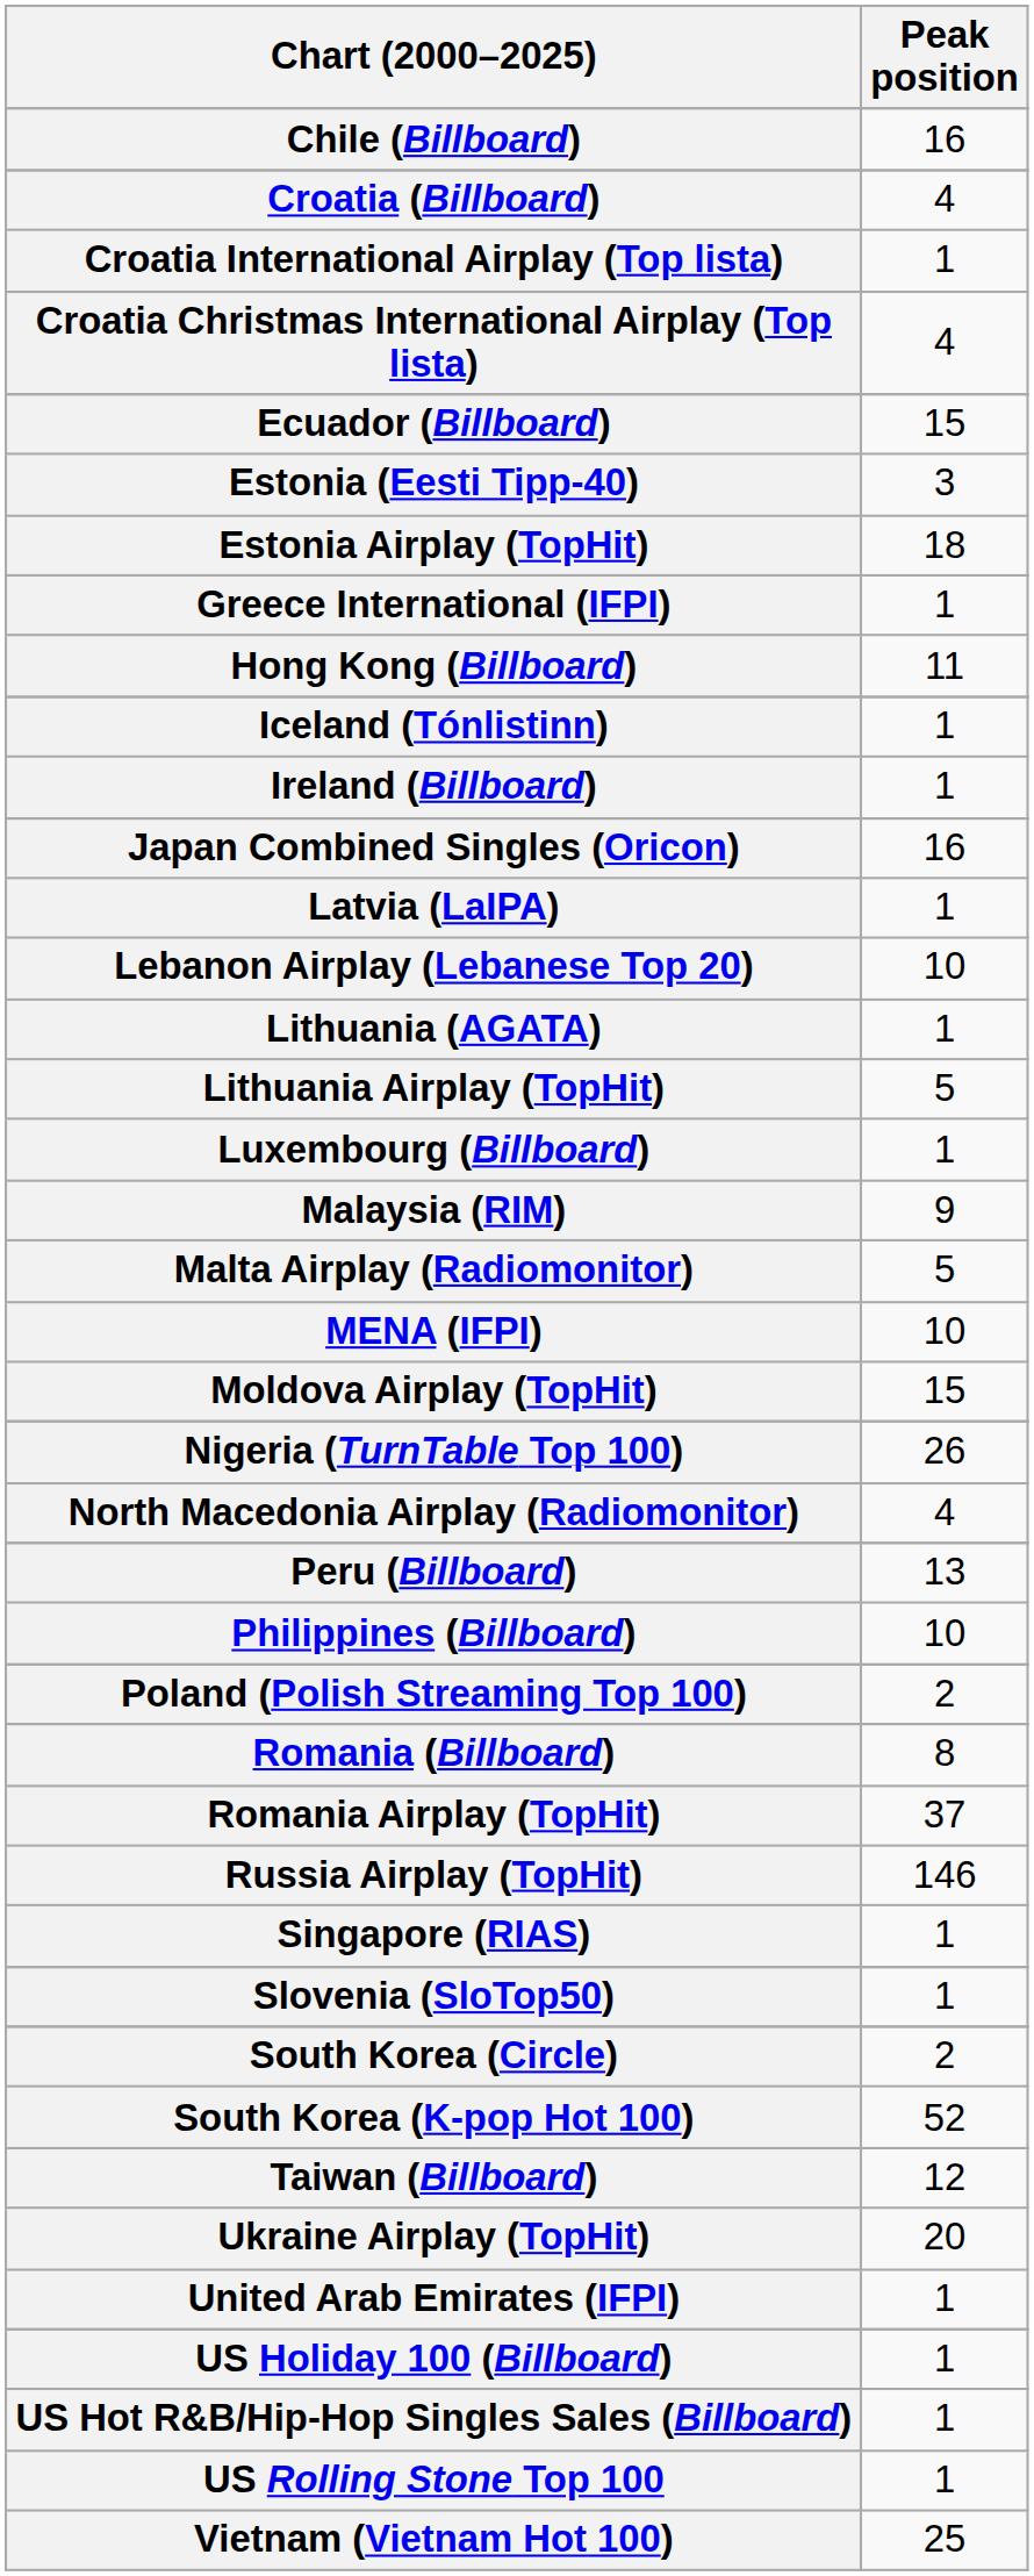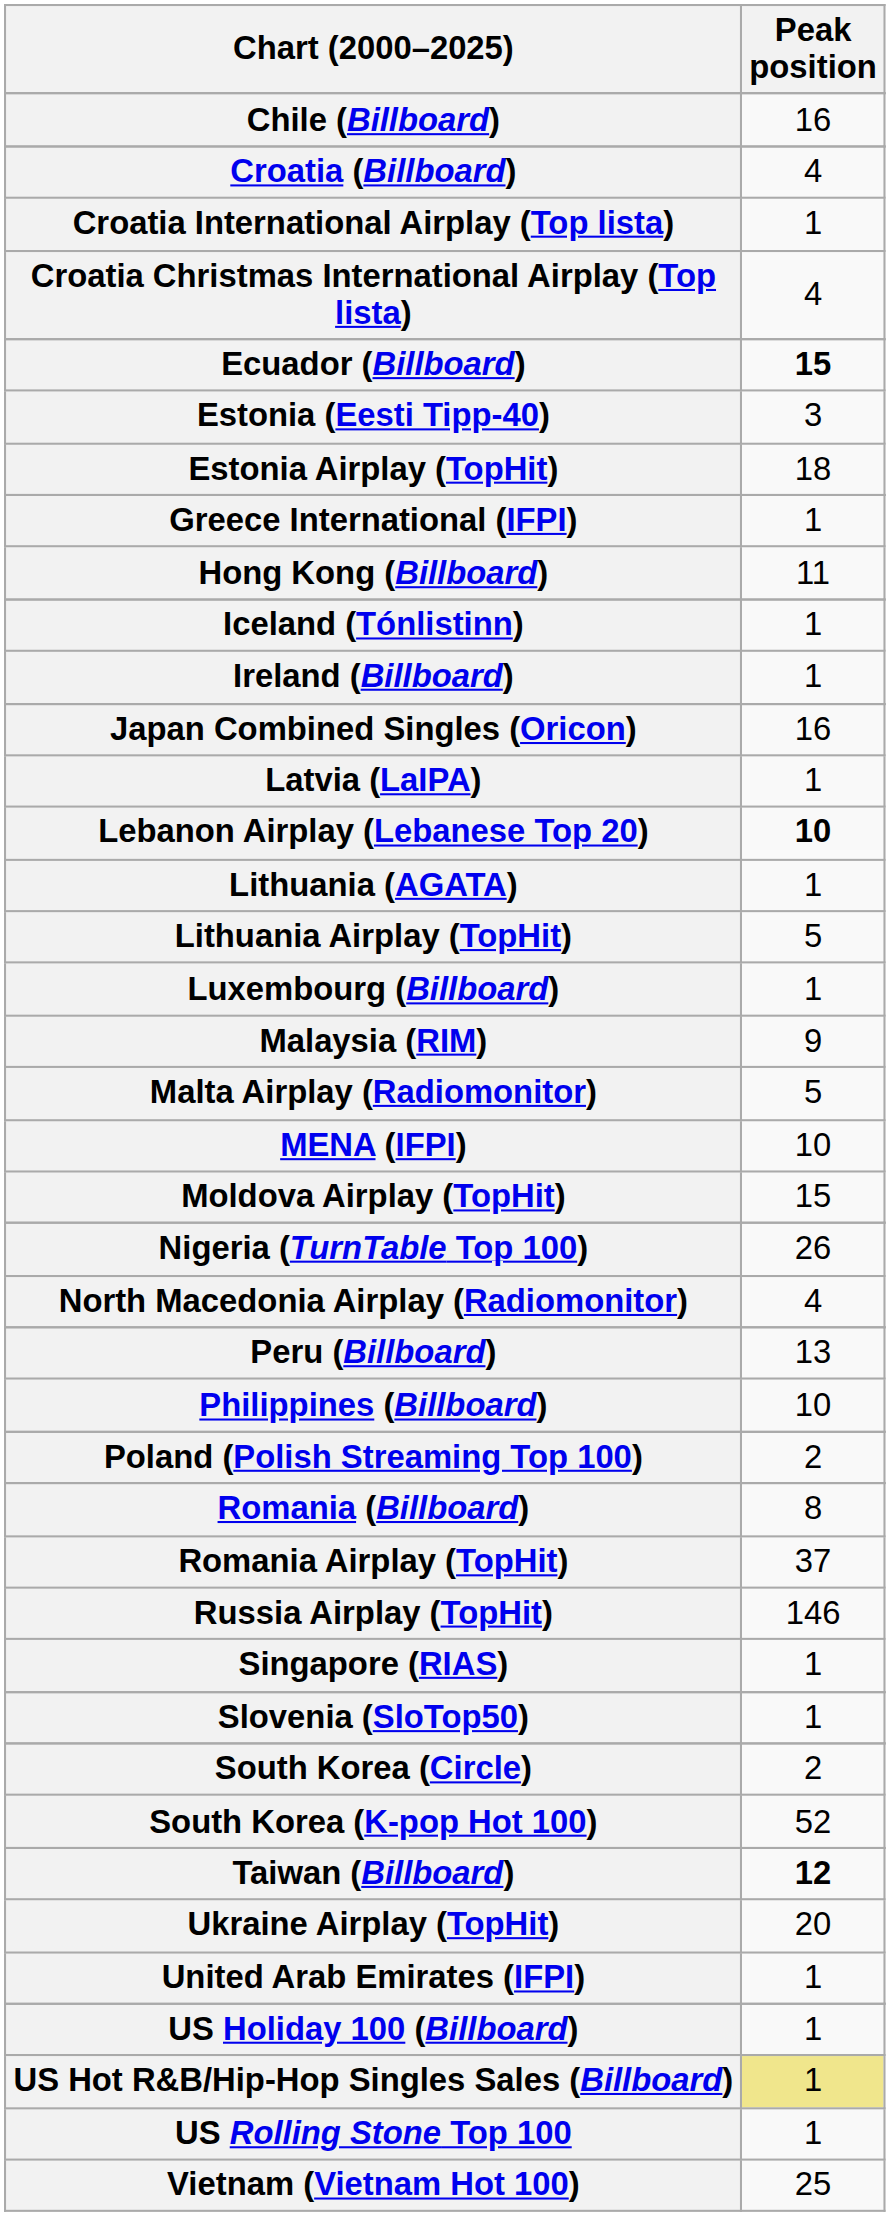 <table class="wikitable sortable plainrowheaders" style="text-align:center">
 <tr>
 <th scope="col" style="width:22em;">Chart (2000–2025)</th>
 <th scope="col">Peak<br>position</th>
 </tr>
 <tr>
 </tr>
 <tr>
 </tr>
 <tr>
 </tr>
 <tr>
 </tr>
 <tr>
 </tr>
 <tr>
 </tr>
 <tr>
 </tr>
 <tr>
 <th scope="row">Chile (<em><a href='#'>Billboard</a></em>)</th>
 <td>16</td>
 </tr>
 <tr>
 </tr>
 <tr>
 <th scope="row"><a href='#'>Croatia</a> (<em><a href='#'>Billboard</a></em>)</th>
 <td>4</td>
 </tr>
 <tr>
 <th scope="row">Croatia International Airplay (<a href='#'>Top lista</a>)</th>
 <td>1</td>
 </tr>
 <tr>
 <th scope="row">Croatia Christmas International Airplay (<a href='#'>Top lista</a>)</th>
 <td>4</td>
 </tr>
 <tr>
 </tr>
 <tr>
 </tr>
 <tr>
 </tr>
 <tr>
 <th scope="row">Ecuador (<em><a href='#'>Billboard</a></em>)</th>
-<td>15</td>
+<td><strong>15</strong></td>
 </tr>
 <tr>
 <th scope="row">Estonia (<a href='#'>Eesti Tipp-40</a>)</th>
 <td>3</td>
 </tr>
 <tr>
 <th scope="row">Estonia Airplay (<a href='#'>TopHit</a>)</th>
 <td>18</td>
 </tr>
 <tr>
 </tr>
 <tr>
 </tr>
 <tr>
 </tr>
 <tr>
 </tr>
 <tr>
 <th scope="row">Greece International (<a href='#'>IFPI</a>)</th>
 <td>1</td>
 </tr>
 <tr>
 <th scope="row">Hong Kong (<em><a href='#'>Billboard</a></em>)</th>
 <td>11</td>
 </tr>
 <tr>
 </tr>
 <tr>
 </tr>
 <tr>
 </tr>
 <tr>
 <th scope="row">Iceland (<a href='#'>Tónlistinn</a>)</th>
 <td>1</td>
 </tr>
 <tr>
 <th scope="row">Ireland (<a href='#'><em>Billboard</em></a>)</th>
 <td>1</td>
 </tr>
 <tr>
 </tr>
 <tr>
 </tr>
 <tr>
 </tr>
 <tr>
 <th scope="row">Japan Combined Singles (<a href='#'>Oricon</a>)</th>
 <td>16</td>
 </tr>
 <tr>
 <th scope="row">Latvia (<a href='#'>LaIPA</a>)</th>
 <td>1</td>
 </tr>
 <tr>
 <th scope="row">Lebanon Airplay (<a href='#'>Lebanese Top 20</a>)</th>
-<td>10</td>
+<td><strong>10</strong></td>
 </tr>
 <tr>
 <th scope="row">Lithuania (<a href='#'>AGATA</a>)</th>
 <td>1</td>
 </tr>
 <tr>
 <th scope="row">Lithuania Airplay (<a href='#'>TopHit</a>)</th>
 <td>5</td>
 </tr>
 <tr>
 <th scope="row">Luxembourg (<em><a href='#'>Billboard</a></em>)</th>
 <td>1</td>
 </tr>
 <tr>
 <th scope="row">Malaysia (<a href='#'>RIM</a>)</th>
 <td>9</td>
 </tr>
 <tr>
 <th scope="row">Malta Airplay (<a href='#'>Radiomonitor</a>)</th>
 <td>5</td>
 </tr>
 <tr>
 <th scope="row"><a href='#'>MENA</a> (<a href='#'>IFPI</a>)</th>
 <td>10</td>
 </tr>
 <tr>
 <th scope="row">Moldova Airplay (<a href='#'>TopHit</a>)</th>
 <td>15</td>
 </tr>
 <tr>
 </tr>
 <tr>
 </tr>
 <tr>
 <th scope="row">Nigeria (<a href='#'><em>TurnTable</em> Top 100</a>)</th>
 <td>26</td>
 </tr>
 <tr>
 <th scope="row">North Macedonia Airplay (<a href='#'>Radiomonitor</a>)</th>
 <td>4</td>
 </tr>
 <tr>
 </tr>
 <tr>
 <th scope="row">Peru (<em><a href='#'>Billboard</a></em>)</th>
 <td>13</td>
 </tr>
 <tr>
 <th scope="row"><a href='#'>Philippines</a> (<em><a href='#'>Billboard</a></em>)</th>
 <td>10</td>
 </tr>
 <tr>
 </tr>
 <tr>
 </tr>
 <tr>
 <th scope="row">Poland (<a href='#'>Polish Streaming Top 100</a>)</th>
 <td>2</td>
 </tr>
 <tr>
 </tr>
 <tr>
 <th scope="row"><a href='#'>Romania</a> (<em><a href='#'>Billboard</a></em>)</th>
 <td>8</td>
 </tr>
 <tr>
 <th scope="row">Romania Airplay (<a href='#'>TopHit</a>)</th>
 <td>37</td>
 </tr>
 <tr>
 <th scope="row">Russia Airplay (<a href='#'>TopHit</a>)</th>
 <td>146</td>
 </tr>
 <tr>
 <th scope="row">Singapore (<a href='#'>RIAS</a>)</th>
 <td>1</td>
 </tr>
 <tr>
 </tr>
 <tr>
 </tr>
 <tr>
 <th scope="row">Slovenia (<a href='#'>SloTop50</a>)</th>
 <td>1</td>
 </tr>
 <tr>
 </tr>
 <tr>
 <th scope="row">South Korea (<a href='#'>Circle</a>)</th>
 <td>2</td>
 </tr>
 <tr>
 <th scope="row">South Korea (<a href='#'>K-pop Hot 100</a>)</th>
 <td>52</td>
 </tr>
 <tr>
 </tr>
 <tr>
 </tr>
 <tr>
 </tr>
 <tr>
 <th scope="row">Taiwan (<em><a href='#'>Billboard</a></em>)</th>
-<td>12</td>
+<td><strong>12</strong></td>
 </tr>
 <tr>
 <th scope="row">Ukraine Airplay (<a href='#'>TopHit</a>)</th>
 <td>20</td>
 </tr>
 <tr>
 <th scope="row">United Arab Emirates (<a href='#'>IFPI</a>)</th>
 <td>1</td>
 </tr>
 <tr>
 </tr>
 <tr>
 </tr>
 <tr>
 </tr>
 <tr>
 <th scope="row">US <a href='#'>Holiday 100</a> (<em><a href='#'>Billboard</a></em>)</th>
 <td>1</td>
 </tr>
 <tr>
 <th scope="row">US Hot R&B/Hip-Hop Singles Sales (<em><a href='#'>Billboard</a></em>)</th>
-<td style="text-align:center;">1</td>
+<td style="background: khaki; text-align:center;">1</td>
 </tr>
 <tr>
 <th scope="row">US <a href='#'><em>Rolling Stone</em> Top 100</a></th>
 <td>1</td>
 </tr>
 <tr>
 <th scope="row">Vietnam (<a href='#'>Vietnam Hot 100</a>)</th>
 <td>25</td>
 </tr>
 </table>
